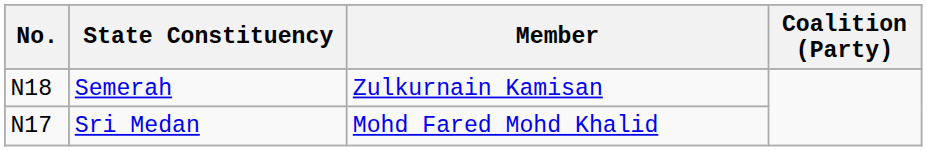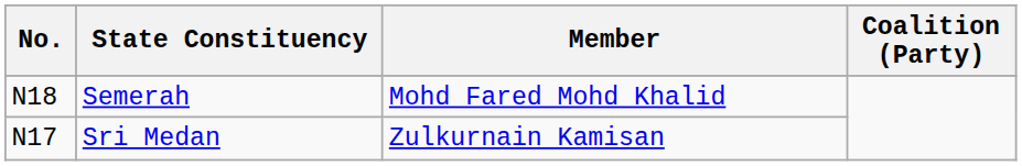 <table class="wikitable sortable">
 <tr>
 <th width="30">No.</th>
 <th width="150">State Constituency</th>
 <th width="230">Member</th>
 <th width="80">Coalition (Party)</th>
 </tr>
 <tr>
 <td>N18</td>
 <td><a href='#'>Semerah</a></td>
-<td><a href='#'>Zulkurnain Kamisan</a></td>
+<td><a href='#'>Mohd Fared Mohd Khalid</a></td>
 <td rowspan=2></td>
 </tr>
 <tr>
 <td>N17</td>
 <td><a href='#'>Sri Medan</a></td>
-<td><a href='#'>Mohd Fared Mohd Khalid</a></td>
+<td><a href='#'>Zulkurnain Kamisan</a></td>
 </tr>
 </table>
